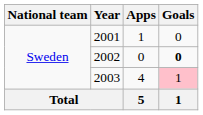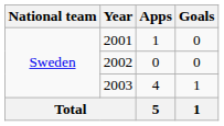 <table class="wikitable" style="text-align:center">
 <tr>
 <th>National team</th>
 <th>Year</th>
 <th>Apps</th>
 <th>Goals</th>
 </tr>
 <tr>
 <td rowspan="3"><a href='#'>Sweden</a></td>
 <td>2001</td>
 <td>1</td>
 <td>0</td>
 </tr>
 <tr>
 <td>2002</td>
 <td>0</td>
-<td><strong>0</strong></td>
+<td>0</td>
 </tr>
 <tr>
 <td>2003</td>
 <td>4</td>
-<td style="background: pink;">1</td>
+<td>1</td>
 </tr>
 <tr>
 <th colspan="2">Total</th>
 <th>5</th>
 <th>1</th>
 </tr>
 </table>
